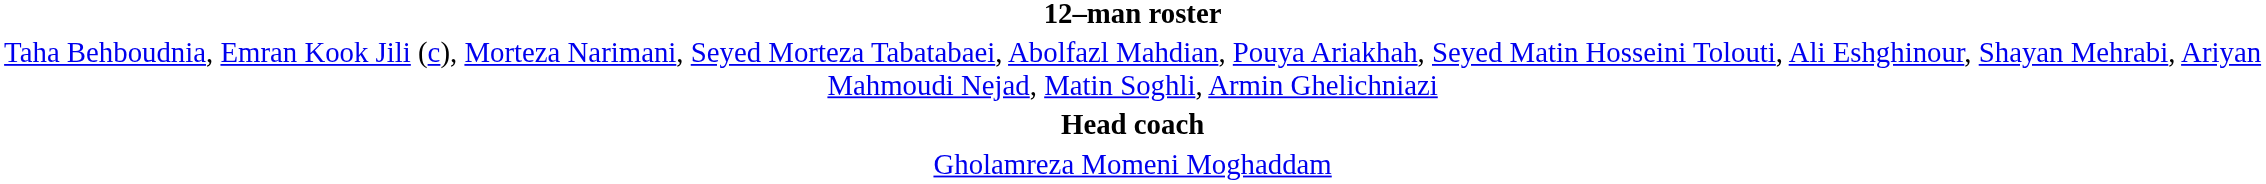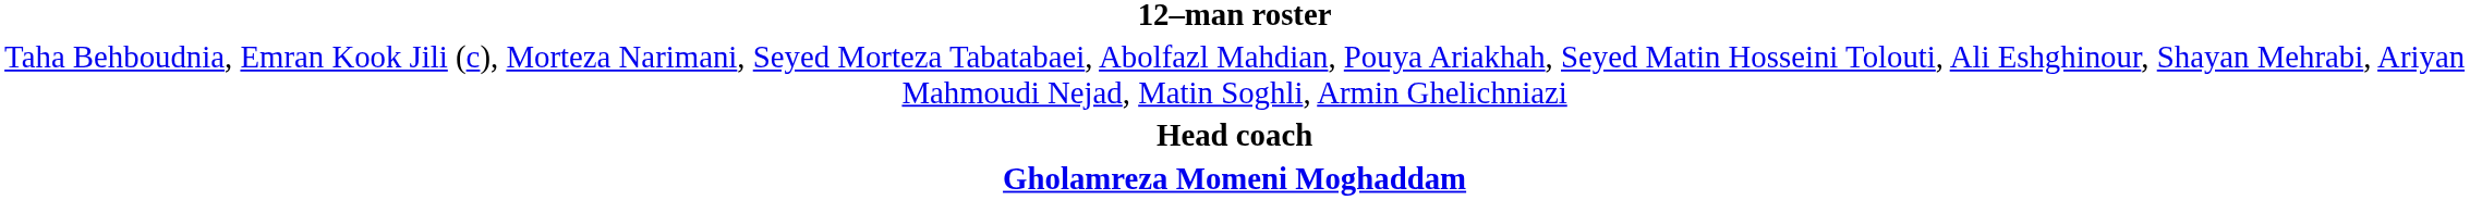 <table style="text-align:center; margin-top:2em; margin-left:auto; margin-right:auto">
 <tr>
 <td><strong>12–man roster</strong></td>
 </tr>
 <tr>
 <td><a href='#'>Taha Behboudnia</a>, <a href='#'>Emran Kook Jili</a> (<a href='#'>c</a>), <a href='#'>Morteza Narimani</a>, <a href='#'>Seyed Morteza Tabatabaei</a>, <a href='#'>Abolfazl Mahdian</a>, <a href='#'>Pouya Ariakhah</a>, <a href='#'>Seyed Matin Hosseini Tolouti</a>, <a href='#'>Ali Eshghinour</a>, <a href='#'>Shayan Mehrabi</a>, <a href='#'>Ariyan Mahmoudi Nejad</a>, <a href='#'>Matin Soghli</a>, <a href='#'>Armin Ghelichniazi</a></td>
 </tr>
 <tr>
 <td><strong>Head coach</strong></td>
 </tr>
 <tr>
-<td><a href='#'>Gholamreza Momeni Moghaddam</a></td>
+<td><strong><a href='#'>Gholamreza Momeni Moghaddam</a></strong></td>
 </tr>
 </table>
